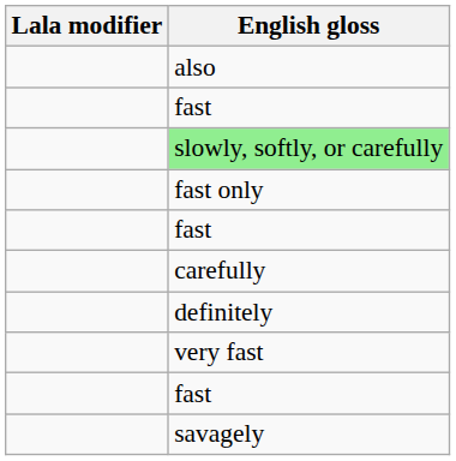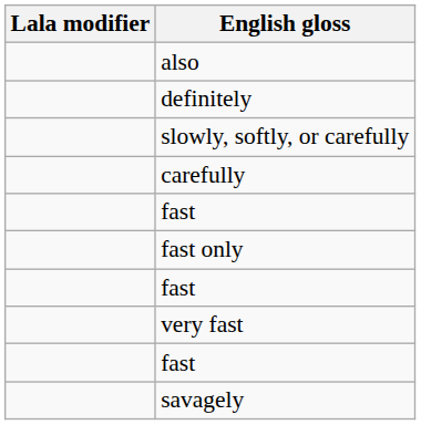 <table class="wikitable">
 <tr>
 <th>Lala modifier</th>
 <th>English gloss</th>
 </tr>
 <tr>
 <td></td>
 <td>also</td>
 </tr>
 <tr>
 <td></td>
-<td>fast</td>
+<td>definitely</td>
 </tr>
 <tr>
 <td></td>
-<td style="background: lightgreen;">slowly, softly, or carefully</td>
+<td>slowly, softly, or carefully</td>
+</tr>
+<tr>
+<td></td>
+<td>carefully</td>
+</tr>
+<tr>
+<td></td>
+<td>fast</td>
 </tr>
 <tr>
 <td></td>
 <td>fast only</td>
 </tr>
 <tr>
 <td></td>
 <td>fast</td>
-</tr>
-<tr>
-<td></td>
-<td>carefully</td>
-</tr>
-<tr>
-<td></td>
-<td>definitely</td>
 </tr>
 <tr>
 <td></td>
 <td>very fast</td>
 </tr>
 <tr>
 <td></td>
 <td>fast</td>
 </tr>
 <tr>
 <td></td>
 <td>savagely</td>
 </tr>
 </table>
